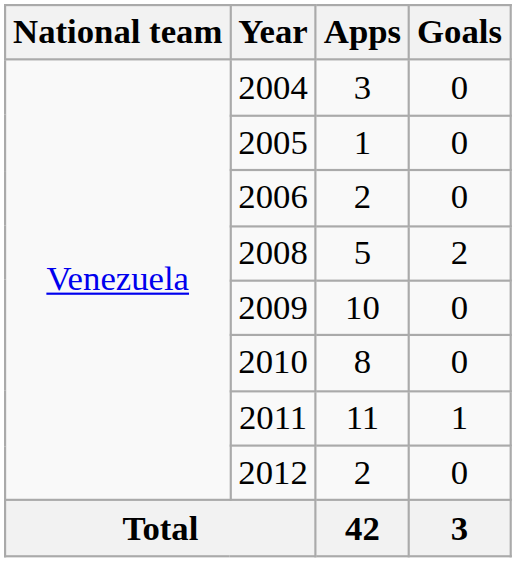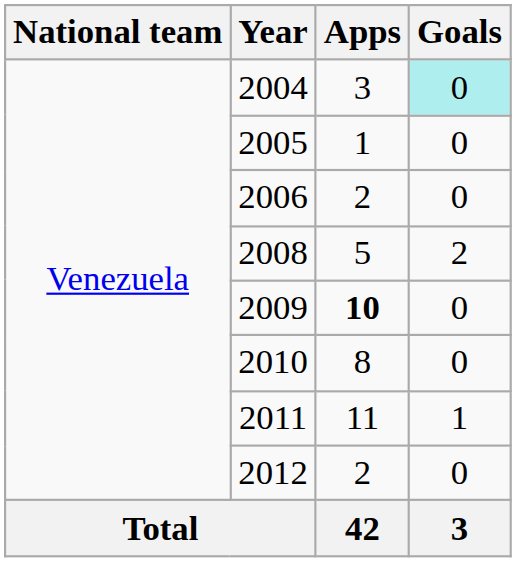 <table class="wikitable" style="text-align:center">
 <tr>
 <th>National team</th>
 <th>Year</th>
 <th>Apps</th>
 <th>Goals</th>
 </tr>
 <tr>
 <td rowspan="8"><a href='#'>Venezuela</a></td>
 <td>2004</td>
 <td>3</td>
-<td>0</td>
+<td style="background: paleturquoise;">0</td>
 </tr>
 <tr>
 <td>2005</td>
 <td>1</td>
 <td>0</td>
 </tr>
 <tr>
 <td>2006</td>
 <td>2</td>
 <td>0</td>
 </tr>
 <tr>
 <td>2008</td>
 <td>5</td>
 <td>2</td>
 </tr>
 <tr>
 <td>2009</td>
-<td>10</td>
+<td><strong>10</strong></td>
 <td>0</td>
 </tr>
 <tr>
 <td>2010</td>
 <td>8</td>
 <td>0</td>
 </tr>
 <tr>
 <td>2011</td>
 <td>11</td>
 <td>1</td>
 </tr>
 <tr>
 <td>2012</td>
 <td>2</td>
 <td>0</td>
 </tr>
 <tr>
 <th colspan="2">Total</th>
 <th>42</th>
 <th>3</th>
 </tr>
 </table>
